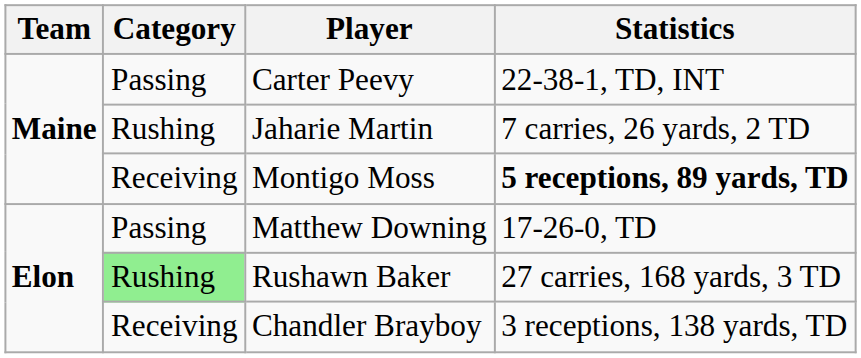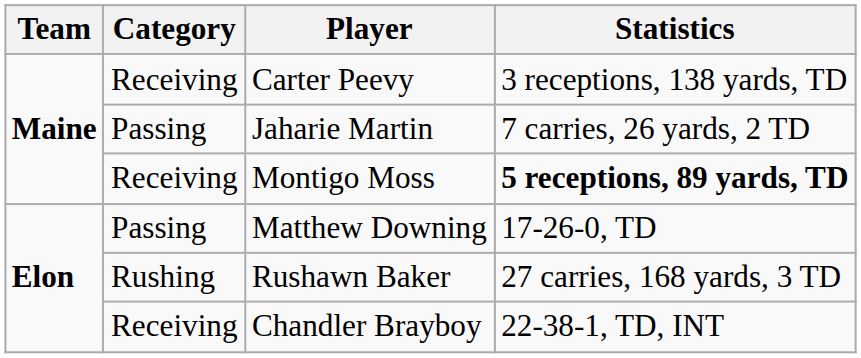 <table class="wikitable" style="float: right;">
 <tr>
 <th>Team</th>
 <th>Category</th>
 <th>Player</th>
 <th>Statistics</th>
 </tr>
 <tr>
 <td rowspan=3><strong>Maine</strong></td>
-<td>Passing</td>
+<td>Receiving</td>
 <td>Carter Peevy</td>
-<td>22-38-1, TD, INT</td>
+<td>3 receptions, 138 yards, TD</td>
 </tr>
 <tr>
-<td>Rushing</td>
+<td>Passing</td>
 <td>Jaharie Martin</td>
 <td>7 carries, 26 yards, 2 TD</td>
 </tr>
 <tr>
 <td>Receiving</td>
 <td>Montigo Moss</td>
 <td><strong>5 receptions, 89 yards, TD</strong></td>
 </tr>
 <tr>
 <td rowspan=3><strong>Elon</strong></td>
 <td>Passing</td>
 <td>Matthew Downing</td>
 <td>17-26-0, TD</td>
 </tr>
 <tr>
-<td style="background: lightgreen;">Rushing</td>
+<td>Rushing</td>
 <td>Rushawn Baker</td>
 <td>27 carries, 168 yards, 3 TD</td>
 </tr>
 <tr>
 <td>Receiving</td>
 <td>Chandler Brayboy</td>
-<td>3 receptions, 138 yards, TD</td>
+<td>22-38-1, TD, INT</td>
 </tr>
 </table>
